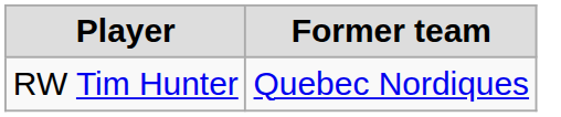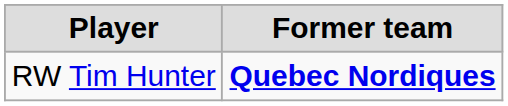 <table class="wikitable">
 <tr align="center"  bgcolor="#dddddd">
 <td><strong>Player</strong></td>
 <td><strong>Former team</strong></td>
 </tr>
 <tr>
 <td>RW <a href='#'>Tim Hunter</a></td>
-<td><a href='#'>Quebec Nordiques</a></td>
+<td><strong><a href='#'>Quebec Nordiques</a></strong></td>
 </tr>
 </table>
